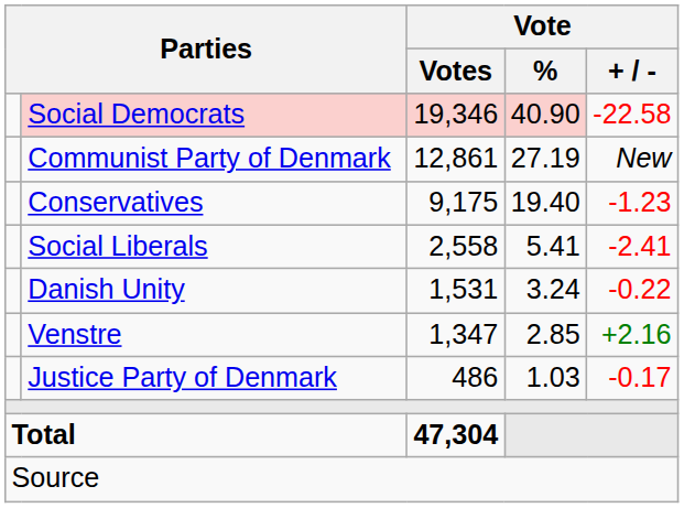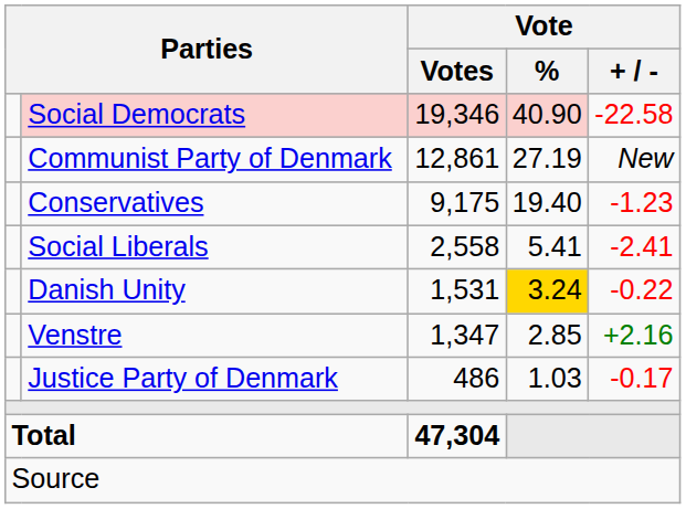 <table class="wikitable" style="text-align:right;">
 <tr>
 <th style="text-align:centre;" rowspan="2" colspan="2" width="225">Parties</th>
 <th colspan="3">Vote</th>
 </tr>
 <tr>
 <th width="15">Votes</th>
 <th width="15">%</th>
 <th width="15">+ / -</th>
 </tr>
 <tr>
 <td width="2" style="color:inherit;background:"></td>
 <td bgcolor=#fbd0ce  align="left"><a href='#'>Social Democrats</a></td>
 <td bgcolor=#fbd0ce>19,346</td>
 <td bgcolor=#fbd0ce>40.90</td>
 <td style=color:red;>-22.58</td>
 </tr>
 <tr>
 <td width="2" style="color:inherit;background:"></td>
 <td align="left"><a href='#'>Communist Party of Denmark</a></td>
 <td>12,861</td>
 <td>27.19</td>
 <td><em>New</em></td>
 </tr>
 <tr>
 <td width="2" style="color:inherit;background:"></td>
 <td align="left"><a href='#'>Conservatives</a></td>
 <td>9,175</td>
 <td>19.40</td>
 <td style=color:red;>-1.23</td>
 </tr>
 <tr>
 <td width="2" style="color:inherit;background:"></td>
 <td align="left"><a href='#'>Social Liberals</a></td>
 <td>2,558</td>
 <td>5.41</td>
 <td style=color:red;>-2.41</td>
 </tr>
 <tr>
 <td width="2" style="color:inherit;background:"></td>
 <td align="left"><a href='#'>Danish Unity</a></td>
 <td>1,531</td>
-<td>3.24</td>
+<td style="background: gold;">3.24</td>
 <td style=color:red;>-0.22</td>
 </tr>
 <tr>
 <td width="2" style="color:inherit;background:"></td>
 <td align="left"><a href='#'>Venstre</a></td>
 <td>1,347</td>
 <td>2.85</td>
 <td style=color:green;>+2.16</td>
 </tr>
 <tr>
 <td width="2" style="color:inherit;background:"></td>
 <td align="left"><a href='#'>Justice Party of Denmark</a></td>
 <td>486</td>
 <td>1.03</td>
 <td style=color:red;>-0.17</td>
 </tr>
 <tr>
 <td colspan="7" bgcolor="#E9E9E9"></td>
 </tr>
 <tr>
 <td align="left" colspan="2"><strong>Total</strong></td>
 <td><strong>47,304</strong></td>
 <td bgcolor="#E9E9E9" colspan="2"></td>
 </tr>
 <tr>
 <td align="left" colspan="6">Source</td>
 </tr>
 </table>
